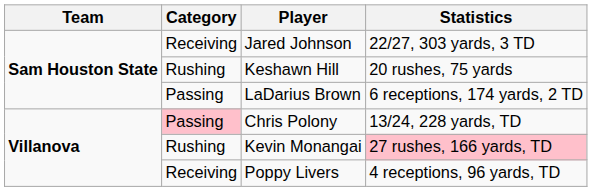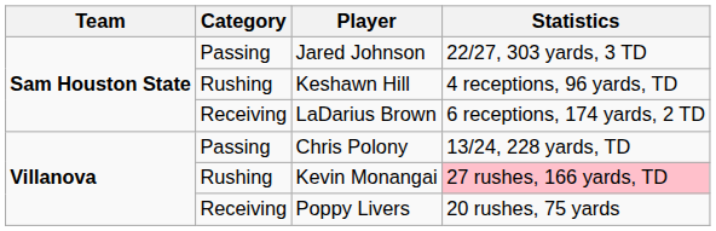 <table class="wikitable" style="float: left;">
 <tr>
 <th>Team</th>
 <th>Category</th>
 <th>Player</th>
 <th>Statistics</th>
 </tr>
 <tr>
 <td rowspan=3><strong>Sam Houston State</strong></td>
-<td>Receiving</td>
+<td>Passing</td>
 <td>Jared Johnson</td>
 <td>22/27, 303 yards, 3 TD</td>
 </tr>
 <tr>
 <td>Rushing</td>
 <td>Keshawn Hill</td>
-<td>20 rushes, 75 yards</td>
+<td>4 receptions, 96 yards, TD</td>
 </tr>
 <tr>
-<td>Passing</td>
+<td>Receiving</td>
 <td>LaDarius Brown</td>
 <td>6 receptions, 174 yards, 2 TD</td>
 </tr>
 <tr>
 <td rowspan=3><strong>Villanova</strong></td>
-<td style="background: pink;">Passing</td>
+<td>Passing</td>
 <td>Chris Polony</td>
 <td>13/24, 228 yards, TD</td>
 </tr>
 <tr>
 <td>Rushing</td>
 <td>Kevin Monangai</td>
 <td style="background: pink;">27 rushes, 166 yards, TD</td>
 </tr>
 <tr>
 <td>Receiving</td>
 <td>Poppy Livers</td>
-<td>4 receptions, 96 yards, TD</td>
+<td>20 rushes, 75 yards</td>
 </tr>
 </table>
